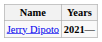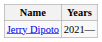 <table class="wikitable">
 <tr>
 <th>Name</th>
 <th>Years</th>
 </tr>
 <tr>
 <td><a href='#'>Jerry Dipoto</a></td>
-<td><strong>2021—</strong></td>
+<td>2021—</td>
 </tr>
 </table>
